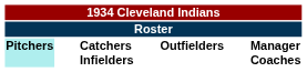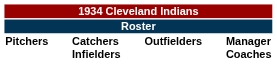 <table class="toccolours" style="font-size: 95%;">
 <tr>
 <th colspan="10" style="background-color: #990000; color: white; text-align: center;">1934 Cleveland Indians</th>
 </tr>
 <tr>
 <td colspan="10" style="background-color: #023456; color: white; text-align: center;"><strong>Roster</strong></td>
 </tr>
 <tr>
-<td valign="top" style="background: paleturquoise;"><strong>Pitchers</strong><br>            </td>
+<td valign="top"><strong>Pitchers</strong><br>            </td>
 <td width="25px"></td>
 <td valign="top"><strong>Catchers</strong><br>      <strong>Infielders</strong>      </td>
 <td width="25px"></td>
 <td valign="top"><strong>Outfielders</strong><br>       </td>
 <td width="25px"></td>
 <td valign="top"><strong>Manager</strong><br> <strong>Coaches</strong>  </td>
 </tr>
 </table>
